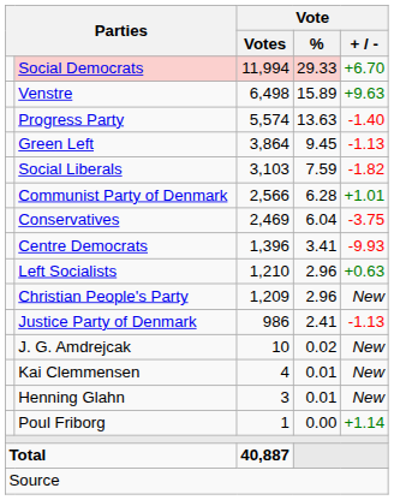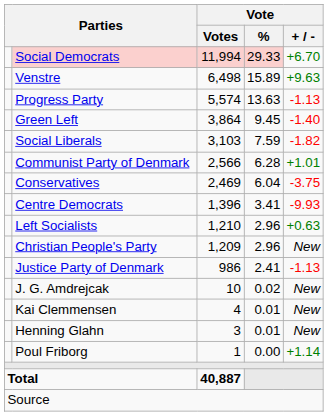 <table class="wikitable" style="text-align:right;">
 <tr>
 <th style="text-align:centre;" rowspan="2" colspan="2" width="225">Parties</th>
 <th colspan="3">Vote</th>
 </tr>
 <tr>
 <th width="15">Votes</th>
 <th width="15">%</th>
 <th width="15">+ / -</th>
 </tr>
 <tr>
 <td width="2" style="color:inherit;background:"></td>
 <td bgcolor=#fbd0ce  align="left"><a href='#'>Social Democrats</a></td>
 <td bgcolor=#fbd0ce>11,994</td>
 <td bgcolor=#fbd0ce>29.33</td>
 <td style=color:green;>+6.70</td>
 </tr>
 <tr>
 <td width="2" style="color:inherit;background:"></td>
 <td align="left"><a href='#'>Venstre</a></td>
 <td>6,498</td>
 <td>15.89</td>
 <td style=color:green;>+9.63</td>
 </tr>
 <tr>
 <td width="2" style="color:inherit;background:"></td>
 <td align="left"><a href='#'>Progress Party</a></td>
 <td>5,574</td>
 <td>13.63</td>
-<td style=color:red;>-1.40</td>
+<td style=color:red;>-1.13</td>
 </tr>
 <tr>
 <td width="2" style="color:inherit;background:"></td>
 <td align="left"><a href='#'>Green Left</a></td>
 <td>3,864</td>
 <td>9.45</td>
-<td style=color:red;>-1.13</td>
+<td style=color:red;>-1.40</td>
 </tr>
 <tr>
 <td width="2" style="color:inherit;background:"></td>
 <td align="left"><a href='#'>Social Liberals</a></td>
 <td>3,103</td>
 <td>7.59</td>
 <td style=color:red;>-1.82</td>
 </tr>
 <tr>
 <td width="2" style="color:inherit;background:"></td>
 <td align="left"><a href='#'>Communist Party of Denmark</a></td>
 <td>2,566</td>
 <td>6.28</td>
 <td style=color:green;>+1.01</td>
 </tr>
 <tr>
 <td width="2" style="color:inherit;background:"></td>
 <td align="left"><a href='#'>Conservatives</a></td>
 <td>2,469</td>
 <td>6.04</td>
 <td style=color:red;>-3.75</td>
 </tr>
 <tr>
 <td width="2" style="color:inherit;background:"></td>
 <td align="left"><a href='#'>Centre Democrats</a></td>
 <td>1,396</td>
 <td>3.41</td>
 <td style=color:red;>-9.93</td>
 </tr>
 <tr>
 <td width="2" style="color:inherit;background:"></td>
 <td align="left"><a href='#'>Left Socialists</a></td>
 <td>1,210</td>
 <td>2.96</td>
 <td style=color:green;>+0.63</td>
 </tr>
 <tr>
 <td width="2" style="color:inherit;background:"></td>
 <td align="left"><a href='#'>Christian People's Party</a></td>
 <td>1,209</td>
 <td>2.96</td>
 <td><em>New</em></td>
 </tr>
 <tr>
 <td width="2" style="color:inherit;background:"></td>
 <td align="left"><a href='#'>Justice Party of Denmark</a></td>
 <td>986</td>
 <td>2.41</td>
 <td style=color:red;>-1.13</td>
 </tr>
 <tr>
 <td width="2" style="color:inherit;background:"></td>
 <td align="left">J. G. Amdrejcak</td>
 <td>10</td>
 <td>0.02</td>
 <td><em>New</em></td>
 </tr>
 <tr>
 <td width="2" style="color:inherit;background:"></td>
 <td align="left">Kai Clemmensen</td>
 <td>4</td>
 <td>0.01</td>
 <td><em>New</em></td>
 </tr>
 <tr>
 <td width="2" style="color:inherit;background:"></td>
 <td align="left">Henning Glahn</td>
 <td>3</td>
 <td>0.01</td>
 <td><em>New</em></td>
 </tr>
 <tr>
 <td width="2" style="color:inherit;background:"></td>
 <td align="left">Poul Friborg</td>
 <td>1</td>
 <td>0.00</td>
 <td style=color:green;>+1.14</td>
 </tr>
 <tr>
 <td colspan="7" bgcolor="#E9E9E9"></td>
 </tr>
 <tr>
 <td align="left" colspan="2"><strong>Total</strong></td>
 <td><strong>40,887</strong></td>
 <td bgcolor="#E9E9E9" colspan="2"></td>
 </tr>
 <tr>
 <td align="left" colspan="6">Source</td>
 </tr>
 </table>
